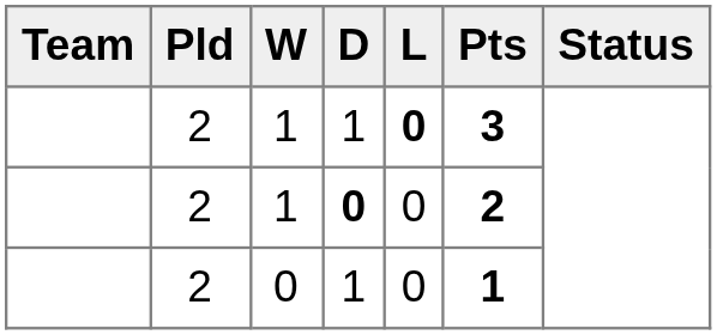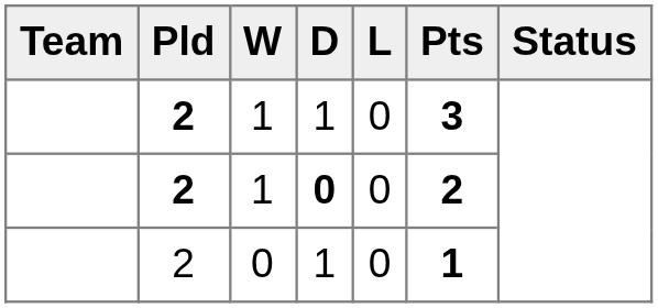 <table style=border-collapse:collapse border=1 cellspacing=0 cellpadding=5>
 <tr align=center bgcolor=#efefef>
 <th>Team</th>
 <th>Pld</th>
 <th>W</th>
 <th>D</th>
 <th>L</th>
 <th>Pts</th>
 <th>Status</th>
 </tr>
 <tr align=center style="background:#FFFFFF;">
 <td style="text-align:left;"> </td>
-<td>2</td>
+<td><strong>2</strong></td>
 <td>1</td>
 <td>1</td>
-<td><strong>0</strong></td>
+<td>0</td>
 <td><strong>3</strong></td>
 <td rowspan=3></td>
 </tr>
 <tr align=center style="background:#FFFFFF;">
 <td style="text-align:left;"> </td>
-<td>2</td>
+<td><strong>2</strong></td>
 <td>1</td>
 <td><strong>0</strong></td>
 <td>0</td>
 <td><strong>2</strong></td>
 </tr>
 <tr align=center style="background:#FFFFFF;">
 <td style="text-align:left;"> </td>
 <td>2</td>
 <td>0</td>
 <td>1</td>
 <td>0</td>
 <td><strong>1</strong></td>
 </tr>
 </table>
